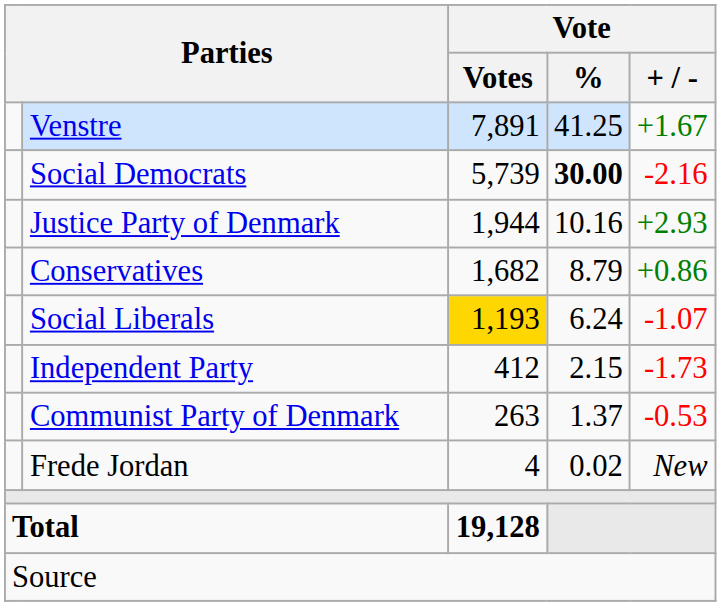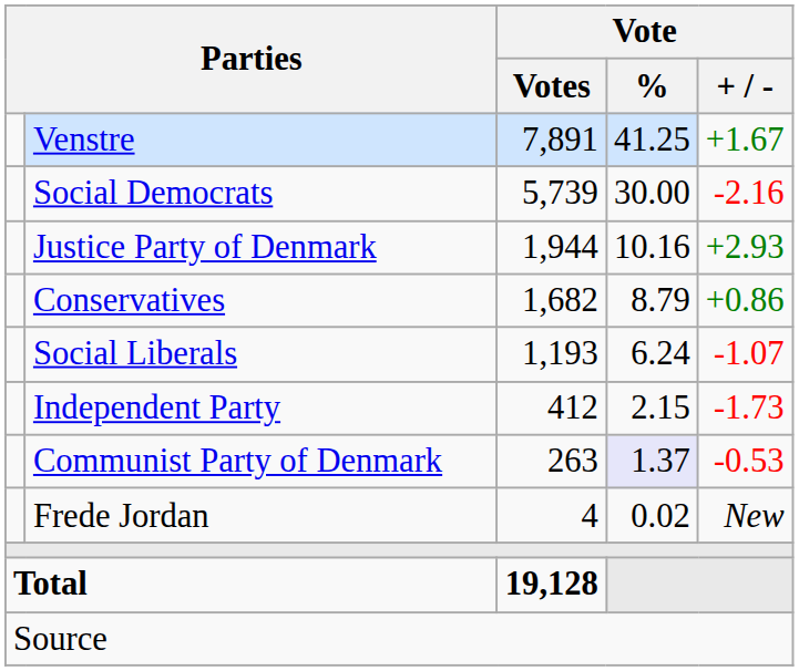 <table class="wikitable" style="text-align:right;">
 <tr>
 <th style="text-align:centre;" rowspan="2" colspan="2" width="225">Parties</th>
 <th colspan="3">Vote</th>
 </tr>
 <tr>
 <th width="15">Votes</th>
 <th width="15">%</th>
 <th width="15">+ / -</th>
 </tr>
 <tr>
 <td width="2" style="color:inherit;background:"></td>
 <td bgcolor=#cfe5fe  align="left"><a href='#'>Venstre</a></td>
 <td bgcolor=#cfe5fe>7,891</td>
 <td bgcolor=#cfe5fe>41.25</td>
 <td style=color:green;>+1.67</td>
 </tr>
 <tr>
 <td width="2" style="color:inherit;background:"></td>
 <td align="left"><a href='#'>Social Democrats</a></td>
 <td>5,739</td>
-<td><strong>30.00</strong></td>
+<td>30.00</td>
 <td style=color:red;>-2.16</td>
 </tr>
 <tr>
 <td width="2" style="color:inherit;background:"></td>
 <td align="left"><a href='#'>Justice Party of Denmark</a></td>
 <td>1,944</td>
 <td>10.16</td>
 <td style=color:green;>+2.93</td>
 </tr>
 <tr>
 <td width="2" style="color:inherit;background:"></td>
 <td align="left"><a href='#'>Conservatives</a></td>
 <td>1,682</td>
 <td>8.79</td>
 <td style=color:green;>+0.86</td>
 </tr>
 <tr>
 <td width="2" style="color:inherit;background:"></td>
 <td align="left"><a href='#'>Social Liberals</a></td>
-<td style="background: gold;">1,193</td>
+<td>1,193</td>
 <td>6.24</td>
 <td style=color:red;>-1.07</td>
 </tr>
 <tr>
 <td width="2" style="color:inherit;background:"></td>
 <td align="left"><a href='#'>Independent Party</a></td>
 <td>412</td>
 <td>2.15</td>
 <td style=color:red;>-1.73</td>
 </tr>
 <tr>
 <td width="2" style="color:inherit;background:"></td>
 <td align="left"><a href='#'>Communist Party of Denmark</a></td>
 <td>263</td>
-<td>1.37</td>
+<td style="background: lavender;">1.37</td>
 <td style=color:red;>-0.53</td>
 </tr>
 <tr>
 <td width="2" style="color:inherit;background:"></td>
 <td align="left">Frede Jordan</td>
 <td>4</td>
 <td>0.02</td>
 <td><em>New</em></td>
 </tr>
 <tr>
 <td colspan="7" bgcolor="#E9E9E9"></td>
 </tr>
 <tr>
 <td align="left" colspan="2"><strong>Total</strong></td>
 <td><strong>19,128</strong></td>
 <td bgcolor="#E9E9E9" colspan="2"></td>
 </tr>
 <tr>
 <td align="left" colspan="6">Source</td>
 </tr>
 </table>
